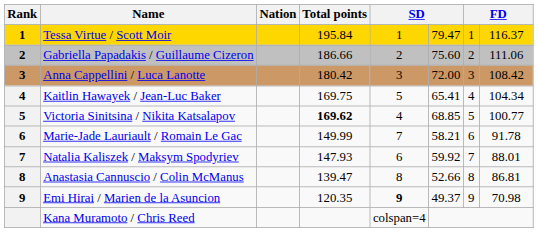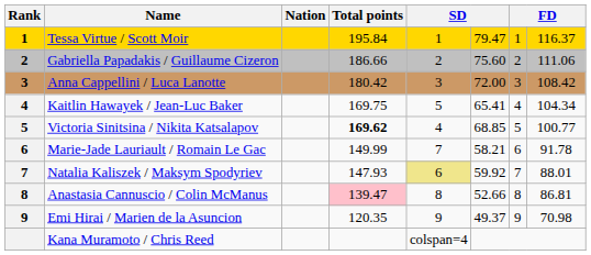 <table class="wikitable sortable">
 <tr>
 <th>Rank</th>
 <th>Name</th>
 <th>Nation</th>
 <th>Total points</th>
 <th colspan="2" width="80px"><a href='#'>SD</a></th>
 <th colspan="2" width="80px"><a href='#'>FD</a></th>
 </tr>
 <tr bgcolor="gold">
 <td align="center"><strong>1</strong></td>
 <td><a href='#'>Tessa Virtue</a> / <a href='#'>Scott Moir</a></td>
 <td></td>
 <td align="center">195.84</td>
 <td align="center">1</td>
 <td align="center">79.47</td>
 <td align="center">1</td>
 <td align="center">116.37</td>
 </tr>
 <tr bgcolor="silver">
 <td align="center"><strong>2</strong></td>
 <td><a href='#'>Gabriella Papadakis</a> / <a href='#'>Guillaume Cizeron</a></td>
 <td></td>
 <td align="center">186.66</td>
 <td align="center">2</td>
 <td align="center">75.60</td>
 <td align="center">2</td>
 <td align="center">111.06</td>
 </tr>
 <tr bgcolor="cc9966">
 <td align="center"><strong>3</strong></td>
 <td><a href='#'>Anna Cappellini</a> / <a href='#'>Luca Lanotte</a></td>
 <td></td>
 <td align="center">180.42</td>
 <td align="center">3</td>
 <td align="center">72.00</td>
 <td align="center">3</td>
 <td align="center">108.42</td>
 </tr>
 <tr>
 <th>4</th>
 <td><a href='#'>Kaitlin Hawayek</a> / <a href='#'>Jean-Luc Baker</a></td>
 <td></td>
 <td align="center">169.75</td>
 <td align="center">5</td>
 <td align="center">65.41</td>
 <td align="center">4</td>
 <td align="center">104.34</td>
 </tr>
 <tr>
 <th>5</th>
 <td><a href='#'>Victoria Sinitsina</a> / <a href='#'>Nikita Katsalapov</a></td>
 <td></td>
 <td align="center"><strong>169.62</strong></td>
 <td align="center">4</td>
 <td align="center">68.85</td>
 <td align="center">5</td>
 <td align="center">100.77</td>
 </tr>
 <tr>
 <th>6</th>
 <td><a href='#'>Marie-Jade Lauriault</a> / <a href='#'>Romain Le Gac</a></td>
 <td></td>
 <td align="center">149.99</td>
 <td align="center">7</td>
 <td align="center">58.21</td>
 <td align="center">6</td>
 <td align="center">91.78</td>
 </tr>
 <tr>
 <th>7</th>
 <td><a href='#'>Natalia Kaliszek</a> / <a href='#'>Maksym Spodyriev</a></td>
 <td></td>
 <td align="center">147.93</td>
-<td align="center">6</td>
+<td align="center" style="background: khaki;">6</td>
 <td align="center">59.92</td>
 <td align="center">7</td>
 <td align="center">88.01</td>
 </tr>
 <tr>
 <th>8</th>
 <td><a href='#'>Anastasia Cannuscio</a> / <a href='#'>Colin McManus</a></td>
 <td></td>
-<td align="center">139.47</td>
+<td align="center" style="background: pink;">139.47</td>
 <td align="center">8</td>
 <td align="center">52.66</td>
 <td align="center">8</td>
 <td align="center">86.81</td>
 </tr>
 <tr>
 <th>9</th>
 <td><a href='#'>Emi Hirai</a> / <a href='#'>Marien de la Asuncion</a></td>
 <td></td>
 <td align="center">120.35</td>
-<td align="center"><strong>9</strong></td>
+<td align="center">9</td>
 <td align="center">49.37</td>
 <td align="center">9</td>
 <td align="center">70.98</td>
 </tr>
 <tr>
 <th></th>
 <td><a href='#'>Kana Muramoto</a> / <a href='#'>Chris Reed</a></td>
 <td></td>
 <td></td>
 <td>colspan=4 </td>
 </tr>
 </table>
